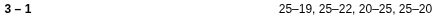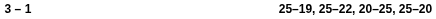 <table width=100% cellspacing=1>
 <tr>
 <th width=20%></th>
 <th width=12%></th>
 <th width=20%></th>
 <th width=33%></th>
 <td></td>
 </tr>
 <tr style=font-size:95%>
 <td align=right><strong></strong></td>
 <td align=center><strong>3 – 1</strong></td>
 <td></td>
-<td>25–19, 25–22, 20–25, 25–20</td>
+<td><strong>25–19, 25–22, 20–25, 25–20</strong></td>
 </tr>
 </table>
